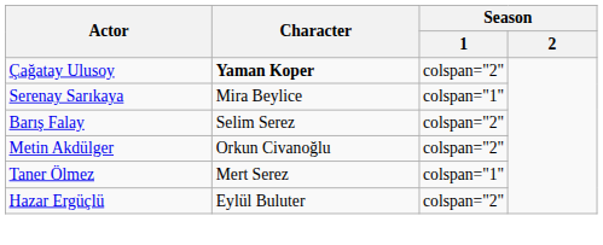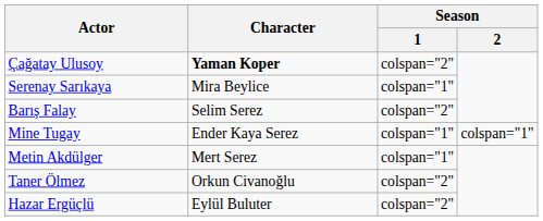 <table class="wikitable sortable">
 <tr>
 <th rowspan="2">Actor</th>
 <th rowspan="2">Character</th>
 <th colspan="2">Season</th>
 </tr>
 <tr>
 <th ! width="15%">1</th>
 <th width="15%">2</th>
 </tr>
 <tr>
 <td><a href='#'>Çağatay Ulusoy</a></td>
 <td><strong>Yaman Koper</strong></td>
 <td>colspan="2" </td>
 </tr>
 <tr>
 <td><a href='#'>Serenay Sarıkaya</a></td>
 <td>Mira Beylice</td>
 <td>colspan="1" </td>
 </tr>
 <tr>
 <td><a href='#'>Barış Falay</a></td>
 <td>Selim Serez</td>
 <td>colspan="2" </td>
 </tr>
 <tr>
+<td><a href='#'>Mine Tugay</a></td>
+<td>Ender Kaya Serez</td>
+<td>colspan="1" </td>
+<td>colspan="1" </td>
+</tr>
+<tr>
 <td><a href='#'>Metin Akdülger</a></td>
-<td>Orkun Civanoğlu</td>
-<td>colspan="2" </td>
+<td>Mert Serez</td>
+<td>colspan="1" </td>
 </tr>
 <tr>
 <td><a href='#'>Taner Ölmez</a></td>
-<td>Mert Serez</td>
-<td>colspan="1" </td>
+<td>Orkun Civanoğlu</td>
+<td>colspan="2" </td>
 </tr>
 <tr>
 <td><a href='#'>Hazar Ergüçlü</a></td>
 <td>Eylül Buluter</td>
 <td>colspan="2" </td>
 </tr>
 </table>
